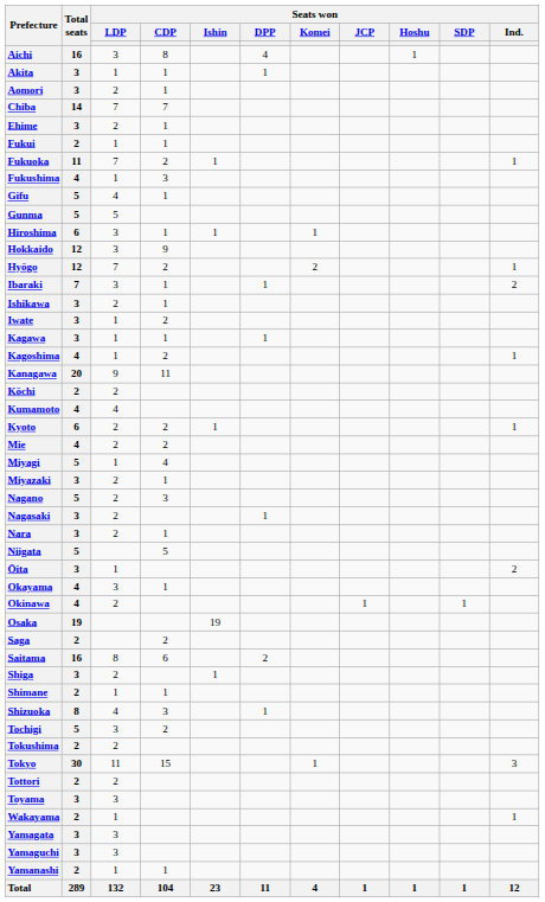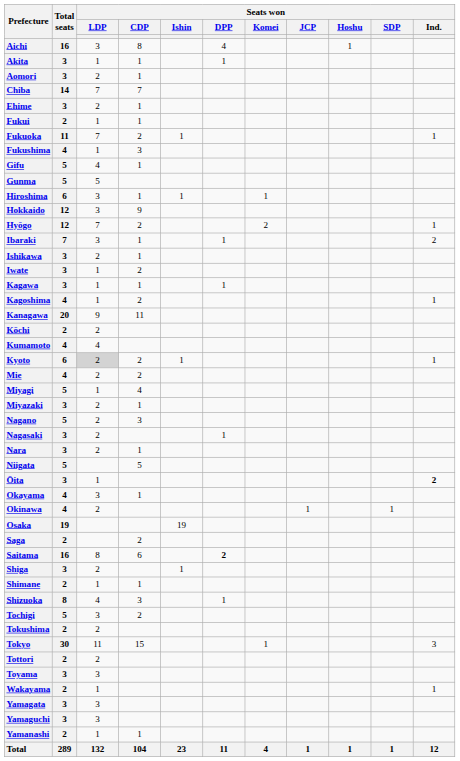 <table class="wikitable" style="text-align:center; font-size: 0.9em;">
 <tr>
 <th rowspan="3">Prefecture</th>
 <th rowspan="3">Total<br>seats</th>
 <th colspan="9">Seats won</th>
 </tr>
 <tr>
 <th class="unsortable" style="width:60px;"><a href='#'>LDP</a></th>
 <th class="unsortable" style="width:60px;"><a href='#'>CDP</a></th>
 <th class="unsortable" style="width:60px;"><a href='#'>Ishin</a></th>
 <th class="unsortable" style="width:60px;"><a href='#'>DPP</a></th>
 <th class="unsortable" style="width:60px;"><a href='#'>Komei</a></th>
 <th class="unsortable" style="width:60px;"><a href='#'>JCP</a></th>
 <th class="unsortable" style="width:60px;"><a href='#'>Hoshu</a></th>
 <th class="unsortable" style="width:60px;"><a href='#'>SDP</a></th>
 <th class="unsortable" style="width:60px;">Ind.</th>
 </tr>
 <tr>
 <th style="background:"></th>
 <th style="background:"></th>
 <th style="background:"></th>
 <th style="background:"></th>
 <th style="background:"></th>
 <th style="background:"></th>
 <th style="background:"></th>
 <th style="background:"></th>
 <th style="background:"></th>
 </tr>
 <tr>
 <th style="text-align: left;"><a href='#'>Aichi</a></th>
 <th>16</th>
 <td>3</td>
 <td>8</td>
 <td></td>
 <td>4</td>
 <td></td>
 <td></td>
 <td>1</td>
 <td></td>
 <td></td>
 </tr>
 <tr>
 <th style="text-align: left;"><a href='#'>Akita</a></th>
 <th>3</th>
 <td>1</td>
 <td>1</td>
 <td></td>
 <td>1</td>
 <td></td>
 <td></td>
 <td></td>
 <td></td>
 <td></td>
 </tr>
 <tr>
 <th style="text-align: left;"><a href='#'>Aomori</a></th>
 <th>3</th>
 <td>2</td>
 <td>1</td>
 <td></td>
 <td></td>
 <td></td>
 <td></td>
 <td></td>
 <td></td>
 <td></td>
 </tr>
 <tr>
 <th style="text-align: left;"><a href='#'>Chiba</a></th>
 <th>14</th>
 <td>7</td>
 <td>7</td>
 <td></td>
 <td></td>
 <td></td>
 <td></td>
 <td></td>
 <td></td>
 <td></td>
 </tr>
 <tr>
 <th style="text-align: left;"><a href='#'>Ehime</a></th>
 <th>3</th>
 <td>2</td>
 <td>1</td>
 <td></td>
 <td></td>
 <td></td>
 <td></td>
 <td></td>
 <td></td>
 <td></td>
 </tr>
 <tr>
 <th style="text-align: left;"><a href='#'>Fukui</a></th>
 <th>2</th>
 <td>1</td>
 <td>1</td>
 <td></td>
 <td></td>
 <td></td>
 <td></td>
 <td></td>
 <td></td>
 <td></td>
 </tr>
 <tr>
 <th style="text-align: left;"><a href='#'>Fukuoka</a></th>
 <th>11</th>
 <td>7</td>
 <td>2</td>
 <td>1</td>
 <td></td>
 <td></td>
 <td></td>
 <td></td>
 <td></td>
 <td>1</td>
 </tr>
 <tr>
 <th style="text-align: left;"><a href='#'>Fukushima</a></th>
 <th>4</th>
 <td>1</td>
 <td>3</td>
 <td></td>
 <td></td>
 <td></td>
 <td></td>
 <td></td>
 <td></td>
 <td></td>
 </tr>
 <tr>
 <th style="text-align: left;"><a href='#'>Gifu</a></th>
 <th>5</th>
 <td>4</td>
 <td>1</td>
 <td></td>
 <td></td>
 <td></td>
 <td></td>
 <td></td>
 <td></td>
 <td></td>
 </tr>
 <tr>
 <th style="text-align: left;"><a href='#'>Gunma</a></th>
 <th>5</th>
 <td>5</td>
 <td></td>
 <td></td>
 <td></td>
 <td></td>
 <td></td>
 <td></td>
 <td></td>
 <td></td>
 </tr>
 <tr>
 <th style="text-align: left;"><a href='#'>Hiroshima</a></th>
 <th>6</th>
 <td>3</td>
 <td>1</td>
 <td>1</td>
 <td></td>
 <td>1</td>
 <td></td>
 <td></td>
 <td></td>
 <td></td>
 </tr>
 <tr>
 <th style="text-align: left;"><a href='#'>Hokkaido</a></th>
 <th>12</th>
 <td>3</td>
 <td>9</td>
 <td></td>
 <td></td>
 <td></td>
 <td></td>
 <td></td>
 <td></td>
 <td></td>
 </tr>
 <tr>
 <th style="text-align: left;"><a href='#'>Hyōgo</a></th>
 <th>12</th>
 <td>7</td>
 <td>2</td>
 <td></td>
 <td></td>
 <td>2</td>
 <td></td>
 <td></td>
 <td></td>
 <td>1</td>
 </tr>
 <tr>
 <th style="text-align: left;"><a href='#'>Ibaraki</a></th>
 <th>7</th>
 <td>3</td>
 <td>1</td>
 <td></td>
 <td>1</td>
 <td></td>
 <td></td>
 <td></td>
 <td></td>
 <td>2</td>
 </tr>
 <tr>
 <th style="text-align: left;"><a href='#'>Ishikawa</a></th>
 <th>3</th>
 <td>2</td>
 <td>1</td>
 <td></td>
 <td></td>
 <td></td>
 <td></td>
 <td></td>
 <td></td>
 <td></td>
 </tr>
 <tr>
 <th style="text-align: left;"><a href='#'>Iwate</a></th>
 <th>3</th>
 <td>1</td>
 <td>2</td>
 <td></td>
 <td></td>
 <td></td>
 <td></td>
 <td></td>
 <td></td>
 <td></td>
 </tr>
 <tr>
 <th style="text-align: left;"><a href='#'>Kagawa</a></th>
 <th>3</th>
 <td>1</td>
 <td>1</td>
 <td></td>
 <td>1</td>
 <td></td>
 <td></td>
 <td></td>
 <td></td>
 <td></td>
 </tr>
 <tr>
 <th style="text-align: left;"><a href='#'>Kagoshima</a></th>
 <th>4</th>
 <td>1</td>
 <td>2</td>
 <td></td>
 <td></td>
 <td></td>
 <td></td>
 <td></td>
 <td></td>
 <td>1</td>
 </tr>
 <tr>
 <th style="text-align: left;"><a href='#'>Kanagawa</a></th>
 <th>20</th>
 <td>9</td>
 <td>11</td>
 <td></td>
 <td></td>
 <td></td>
 <td></td>
 <td></td>
 <td></td>
 <td></td>
 </tr>
 <tr>
 <th style="text-align: left;"><a href='#'>Kōchi</a></th>
 <th>2</th>
 <td>2</td>
 <td></td>
 <td></td>
 <td></td>
 <td></td>
 <td></td>
 <td></td>
 <td></td>
 <td></td>
 </tr>
 <tr>
 <th style="text-align: left;"><a href='#'>Kumamoto</a></th>
 <th>4</th>
 <td>4</td>
 <td></td>
 <td></td>
 <td></td>
 <td></td>
 <td></td>
 <td></td>
 <td></td>
 <td></td>
 </tr>
 <tr>
 <th style="text-align: left;"><a href='#'>Kyoto</a></th>
 <th>6</th>
-<td>2</td>
+<td style="background: lightgrey;">2</td>
 <td>2</td>
 <td>1</td>
 <td></td>
 <td></td>
 <td></td>
 <td></td>
 <td></td>
 <td>1</td>
 </tr>
 <tr>
 <th style="text-align: left;"><a href='#'>Mie</a></th>
 <th>4</th>
 <td>2</td>
 <td>2</td>
 <td></td>
 <td></td>
 <td></td>
 <td></td>
 <td></td>
 <td></td>
 <td></td>
 </tr>
 <tr>
 <th style="text-align: left;"><a href='#'>Miyagi</a></th>
 <th>5</th>
 <td>1</td>
 <td>4</td>
 <td></td>
 <td></td>
 <td></td>
 <td></td>
 <td></td>
 <td></td>
 <td></td>
 </tr>
 <tr>
 <th style="text-align: left;"><a href='#'>Miyazaki</a></th>
 <th>3</th>
 <td>2</td>
 <td>1</td>
 <td></td>
 <td></td>
 <td></td>
 <td></td>
 <td></td>
 <td></td>
 <td></td>
 </tr>
 <tr>
 <th style="text-align: left;"><a href='#'>Nagano</a></th>
 <th>5</th>
 <td>2</td>
 <td>3</td>
 <td></td>
 <td></td>
 <td></td>
 <td></td>
 <td></td>
 <td></td>
 <td></td>
 </tr>
 <tr>
 <th style="text-align: left;"><a href='#'>Nagasaki</a></th>
 <th>3</th>
 <td>2</td>
 <td></td>
 <td></td>
 <td>1</td>
 <td></td>
 <td></td>
 <td></td>
 <td></td>
 <td></td>
 </tr>
 <tr>
 <th style="text-align: left;"><a href='#'>Nara</a></th>
 <th>3</th>
 <td>2</td>
 <td>1</td>
 <td></td>
 <td></td>
 <td></td>
 <td></td>
 <td></td>
 <td></td>
 <td></td>
 </tr>
 <tr>
 <th style="text-align: left;"><a href='#'>Niigata</a></th>
 <th>5</th>
 <td></td>
 <td>5</td>
 <td></td>
 <td></td>
 <td></td>
 <td></td>
 <td></td>
 <td></td>
 <td></td>
 </tr>
 <tr>
 <th style="text-align: left;"><a href='#'>Ōita</a></th>
 <th>3</th>
 <td>1</td>
 <td></td>
 <td></td>
 <td></td>
 <td></td>
 <td></td>
 <td></td>
 <td></td>
-<td>2</td>
+<td><strong>2</strong></td>
 </tr>
 <tr>
 <th style="text-align: left;"><a href='#'>Okayama</a></th>
 <th>4</th>
 <td>3</td>
 <td>1</td>
 <td></td>
 <td></td>
 <td></td>
 <td></td>
 <td></td>
 <td></td>
 <td></td>
 </tr>
 <tr>
 <th style="text-align: left;"><a href='#'>Okinawa</a></th>
 <th>4</th>
 <td>2</td>
 <td></td>
 <td></td>
 <td></td>
 <td></td>
 <td>1</td>
 <td></td>
 <td>1</td>
 <td></td>
 </tr>
 <tr>
 <th style="text-align: left;"><a href='#'>Osaka</a></th>
 <th>19</th>
 <td></td>
 <td></td>
 <td>19</td>
 <td></td>
 <td></td>
 <td></td>
 <td></td>
 <td></td>
 <td></td>
 </tr>
 <tr>
 <th style="text-align: left;"><a href='#'>Saga</a></th>
 <th>2</th>
 <td></td>
 <td>2</td>
 <td></td>
 <td></td>
 <td></td>
 <td></td>
 <td></td>
 <td></td>
 <td></td>
 </tr>
 <tr>
 <th style="text-align: left;"><a href='#'>Saitama</a></th>
 <th>16</th>
 <td>8</td>
 <td>6</td>
 <td></td>
-<td>2</td>
+<td><strong>2</strong></td>
 <td></td>
 <td></td>
 <td></td>
 <td></td>
 <td></td>
 </tr>
 <tr>
 <th style="text-align: left;"><a href='#'>Shiga</a></th>
 <th>3</th>
 <td>2</td>
 <td></td>
 <td>1</td>
 <td></td>
 <td></td>
 <td></td>
 <td></td>
 <td></td>
 <td></td>
 </tr>
 <tr>
 <th style="text-align: left;"><a href='#'>Shimane</a></th>
 <th>2</th>
 <td>1</td>
 <td>1</td>
 <td></td>
 <td></td>
 <td></td>
 <td></td>
 <td></td>
 <td></td>
 <td></td>
 </tr>
 <tr>
 <th style="text-align: left;"><a href='#'>Shizuoka</a></th>
 <th>8</th>
 <td>4</td>
 <td>3</td>
 <td></td>
 <td>1</td>
 <td></td>
 <td></td>
 <td></td>
 <td></td>
 <td></td>
 </tr>
 <tr>
 <th style="text-align: left;"><a href='#'>Tochigi</a></th>
 <th>5</th>
 <td>3</td>
 <td>2</td>
 <td></td>
 <td></td>
 <td></td>
 <td></td>
 <td></td>
 <td></td>
 <td></td>
 </tr>
 <tr>
 <th style="text-align: left;"><a href='#'>Tokushima</a></th>
 <th>2</th>
 <td>2</td>
 <td></td>
 <td></td>
 <td></td>
 <td></td>
 <td></td>
 <td></td>
 <td></td>
 <td></td>
 </tr>
 <tr>
 <th style="text-align: left;"><a href='#'>Tokyo</a></th>
 <th>30</th>
 <td>11</td>
 <td>15</td>
 <td></td>
 <td></td>
 <td>1</td>
 <td></td>
 <td></td>
 <td></td>
 <td>3</td>
 </tr>
 <tr>
 <th style="text-align: left;"><a href='#'>Tottori</a></th>
 <th>2</th>
 <td>2</td>
 <td></td>
 <td></td>
 <td></td>
 <td></td>
 <td></td>
 <td></td>
 <td></td>
 <td></td>
 </tr>
 <tr>
 <th style="text-align: left;"><a href='#'>Toyama</a></th>
 <th>3</th>
 <td>3</td>
 <td></td>
 <td></td>
 <td></td>
 <td></td>
 <td></td>
 <td></td>
 <td></td>
 <td></td>
 </tr>
 <tr>
 <th style="text-align: left;"><a href='#'>Wakayama</a></th>
 <th>2</th>
 <td>1</td>
 <td></td>
 <td></td>
 <td></td>
 <td></td>
 <td></td>
 <td></td>
 <td></td>
 <td>1</td>
 </tr>
 <tr>
 <th style="text-align: left;"><a href='#'>Yamagata</a></th>
 <th>3</th>
 <td>3</td>
 <td></td>
 <td></td>
 <td></td>
 <td></td>
 <td></td>
 <td></td>
 <td></td>
 <td></td>
 </tr>
 <tr>
 <th style="text-align: left;"><a href='#'>Yamaguchi</a></th>
 <th>3</th>
 <td>3</td>
 <td></td>
 <td></td>
 <td></td>
 <td></td>
 <td></td>
 <td></td>
 <td></td>
 <td></td>
 </tr>
 <tr>
 <th style="text-align: left;"><a href='#'>Yamanashi</a></th>
 <th>2</th>
 <td>1</td>
 <td>1</td>
 <td></td>
 <td></td>
 <td></td>
 <td></td>
 <td></td>
 <td></td>
 <td></td>
 </tr>
 <tr class="sortbottom">
 <th style="text-align: left;">Total</th>
 <th>289</th>
 <th>132</th>
 <th>104</th>
 <th>23</th>
 <th>11</th>
 <th>4</th>
 <th>1</th>
 <th>1</th>
 <th>1</th>
 <th>12</th>
 </tr>
 </table>
